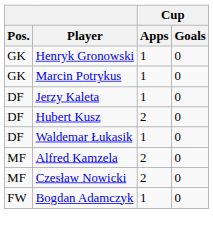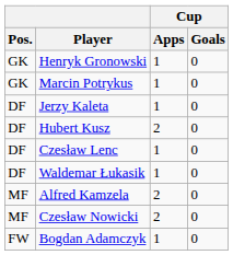 <table class="wikitable" style="display: inline-table;">
 <tr>
 <th colspan="2"></th>
 <th colspan="2">Cup</th>
 </tr>
 <tr>
 <th>Pos.</th>
 <th>Player</th>
 <th>Apps</th>
 <th>Goals</th>
 </tr>
 <tr>
 <td>GK</td>
 <td><a href='#'>Henryk Gronowski</a></td>
 <td>1</td>
 <td>0</td>
 </tr>
 <tr>
 <td>GK</td>
 <td><a href='#'>Marcin Potrykus</a></td>
 <td>1</td>
 <td>0</td>
 </tr>
 <tr>
 <td>DF</td>
 <td><a href='#'>Jerzy Kaleta</a></td>
 <td>1</td>
 <td>0</td>
 </tr>
 <tr>
 <td>DF</td>
 <td><a href='#'>Hubert Kusz</a></td>
 <td>2</td>
 <td>0</td>
 </tr>
 <tr>
 <td>DF</td>
+<td><a href='#'>Czesław Lenc</a></td>
+<td>1</td>
+<td>0</td>
+</tr>
+<tr>
+<td>DF</td>
 <td><a href='#'>Waldemar Łukasik</a></td>
 <td>1</td>
 <td>0</td>
 </tr>
 <tr>
 <td>MF</td>
 <td><a href='#'>Alfred Kamzela</a></td>
 <td>2</td>
 <td>0</td>
 </tr>
 <tr>
 <td>MF</td>
 <td><a href='#'>Czesław Nowicki</a></td>
 <td>2</td>
 <td>0</td>
 </tr>
 <tr>
 <td>FW</td>
 <td><a href='#'>Bogdan Adamczyk</a></td>
 <td>1</td>
 <td>0</td>
 </tr>
 </table>
